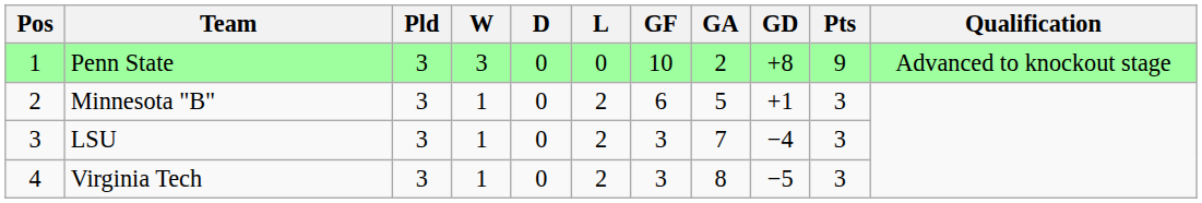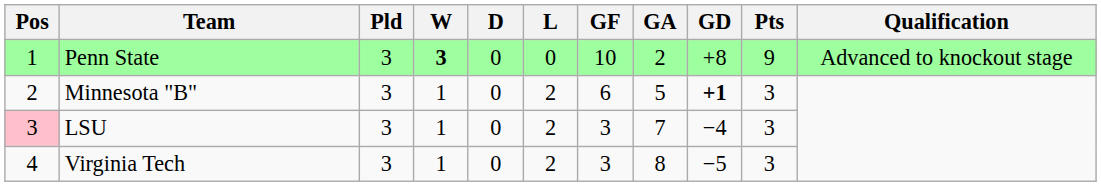 <table class="wikitable" style="text-align:center; margin: 1em auto">
 <tr>
 <th style=width:2em>Pos</th>
 <th style=width:13em>Team</th>
 <th style=width:2em>Pld</th>
 <th style=width:2em>W</th>
 <th style=width:2em>D</th>
 <th style=width:2em>L</th>
 <th style=width:2em>GF</th>
 <th style=width:2em>GA</th>
 <th style=width:2em>GD</th>
 <th style=width:2em>Pts</th>
 <th style=width:13em>Qualification</th>
 </tr>
 <tr bgcolor="#9eff9e">
 <td>1</td>
 <td style="text-align:left">Penn State</td>
 <td>3</td>
-<td>3</td>
+<td><strong>3</strong></td>
 <td>0</td>
 <td>0</td>
 <td>10</td>
 <td>2</td>
 <td>+8</td>
 <td>9</td>
 <td>Advanced to knockout stage</td>
 </tr>
 <tr>
 <td>2</td>
 <td style="text-align:left">Minnesota "B"</td>
 <td>3</td>
 <td>1</td>
 <td>0</td>
 <td>2</td>
 <td>6</td>
 <td>5</td>
-<td>+1</td>
+<td><strong>+1</strong></td>
 <td>3</td>
 <td rowspan="3"></td>
 </tr>
 <tr>
-<td>3</td>
+<td style="background: pink;">3</td>
 <td style="text-align:left">LSU</td>
 <td>3</td>
 <td>1</td>
 <td>0</td>
 <td>2</td>
 <td>3</td>
 <td>7</td>
 <td>−4</td>
 <td>3</td>
 </tr>
 <tr>
 <td>4</td>
 <td style="text-align:left">Virginia Tech</td>
 <td>3</td>
 <td>1</td>
 <td>0</td>
 <td>2</td>
 <td>3</td>
 <td>8</td>
 <td>−5</td>
 <td>3</td>
 </tr>
 </table>
